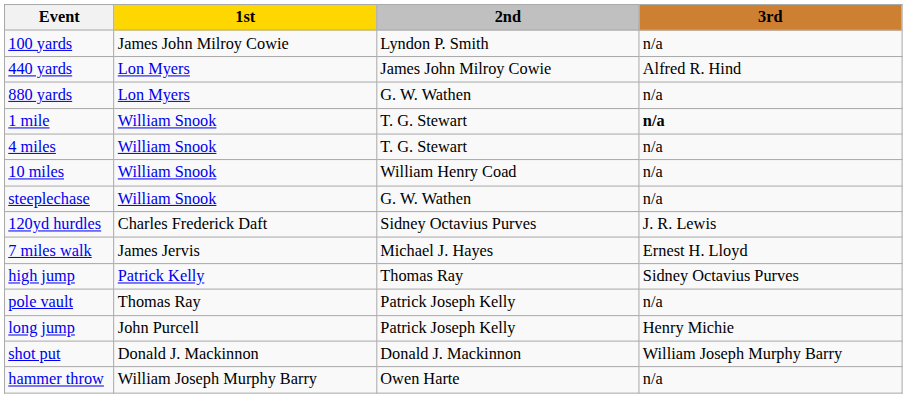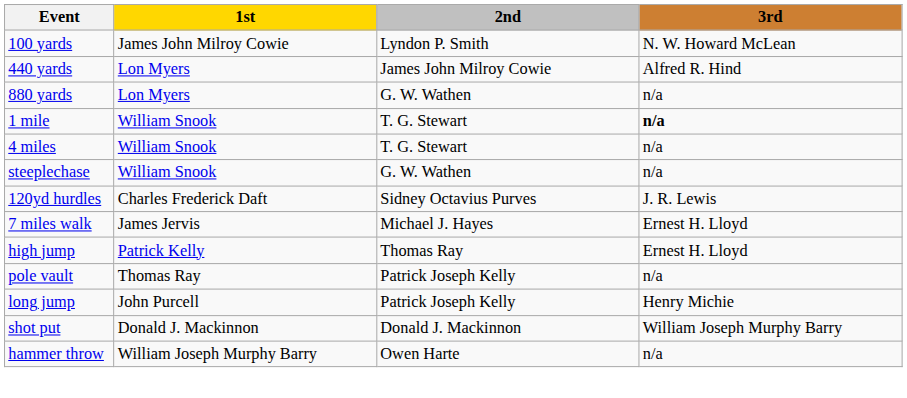 <table class="wikitable" style="text-align:left">
 <tr>
 <th width=100>Event</th>
 <th width="250" style="background:gold;">1st</th>
 <th width="250" style="background:silver;">2nd</th>
 <th width="250" style="background:#CD7F32;">3rd</th>
 </tr>
 <tr>
 <td><a href='#'>100 yards</a></td>
 <td> James John Milroy Cowie</td>
 <td>Lyndon P. Smith</td>
-<td>n/a</td>
+<td>N. W. Howard McLean</td>
 </tr>
 <tr>
 <td><a href='#'>440 yards</a></td>
 <td> <a href='#'>Lon Myers</a></td>
 <td> James John Milroy Cowie</td>
 <td>Alfred R. Hind</td>
 </tr>
 <tr>
 <td><a href='#'>880 yards</a></td>
 <td> <a href='#'>Lon Myers</a></td>
 <td>G. W. Wathen</td>
 <td>n/a</td>
 </tr>
 <tr>
 <td><a href='#'>1 mile</a></td>
 <td><a href='#'>William Snook</a></td>
 <td>T. G. Stewart</td>
 <td><strong>n/a</strong></td>
 </tr>
 <tr>
 <td><a href='#'>4 miles</a></td>
 <td><a href='#'>William Snook</a></td>
 <td>T. G. Stewart</td>
 <td>n/a</td>
 </tr>
 <tr>
-<td><a href='#'>10 miles</a></td>
-<td><a href='#'>William Snook</a></td>
-<td>William Henry Coad</td>
-<td>n/a</td>
-</tr>
-<tr>
 <td><a href='#'>steeplechase</a></td>
 <td><a href='#'>William Snook</a></td>
 <td>G. W. Wathen</td>
 <td>n/a</td>
 </tr>
 <tr>
 <td><a href='#'>120yd hurdles</a></td>
 <td>Charles Frederick Daft</td>
 <td>Sidney Octavius Purves</td>
 <td>J. R. Lewis</td>
 </tr>
 <tr>
 <td><a href='#'>7 miles walk</a></td>
 <td>James Jervis</td>
 <td> Michael J. Hayes</td>
 <td>Ernest H. Lloyd</td>
 </tr>
 <tr>
 <td><a href='#'>high jump</a></td>
 <td> <a href='#'>Patrick Kelly</a></td>
 <td>Thomas Ray</td>
-<td>Sidney Octavius Purves</td>
+<td>Ernest H. Lloyd</td>
 </tr>
 <tr>
 <td><a href='#'>pole vault</a></td>
 <td>Thomas Ray</td>
 <td> Patrick Joseph Kelly</td>
 <td>n/a</td>
 </tr>
 <tr>
 <td><a href='#'>long jump</a></td>
 <td> John Purcell</td>
 <td> Patrick Joseph Kelly</td>
 <td> Henry Michie</td>
 </tr>
 <tr>
 <td><a href='#'>shot put</a></td>
 <td> Donald J. Mackinnon</td>
 <td> Donald J. Mackinnon</td>
 <td> William Joseph Murphy Barry</td>
 </tr>
 <tr>
 <td><a href='#'>hammer throw</a></td>
 <td> William Joseph Murphy Barry</td>
 <td> Owen Harte</td>
 <td>n/a</td>
 </tr>
 </table>
